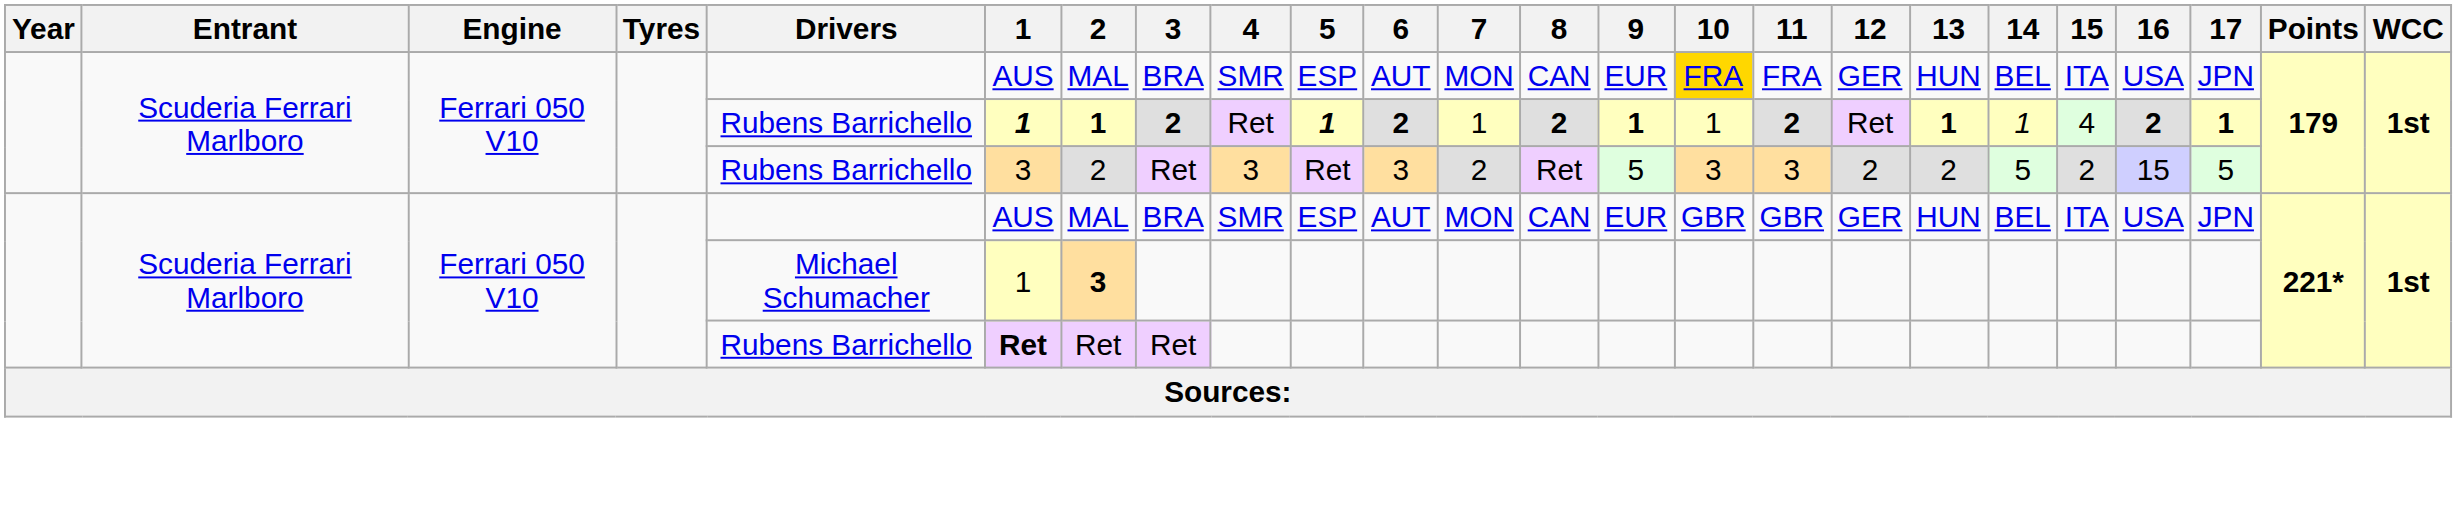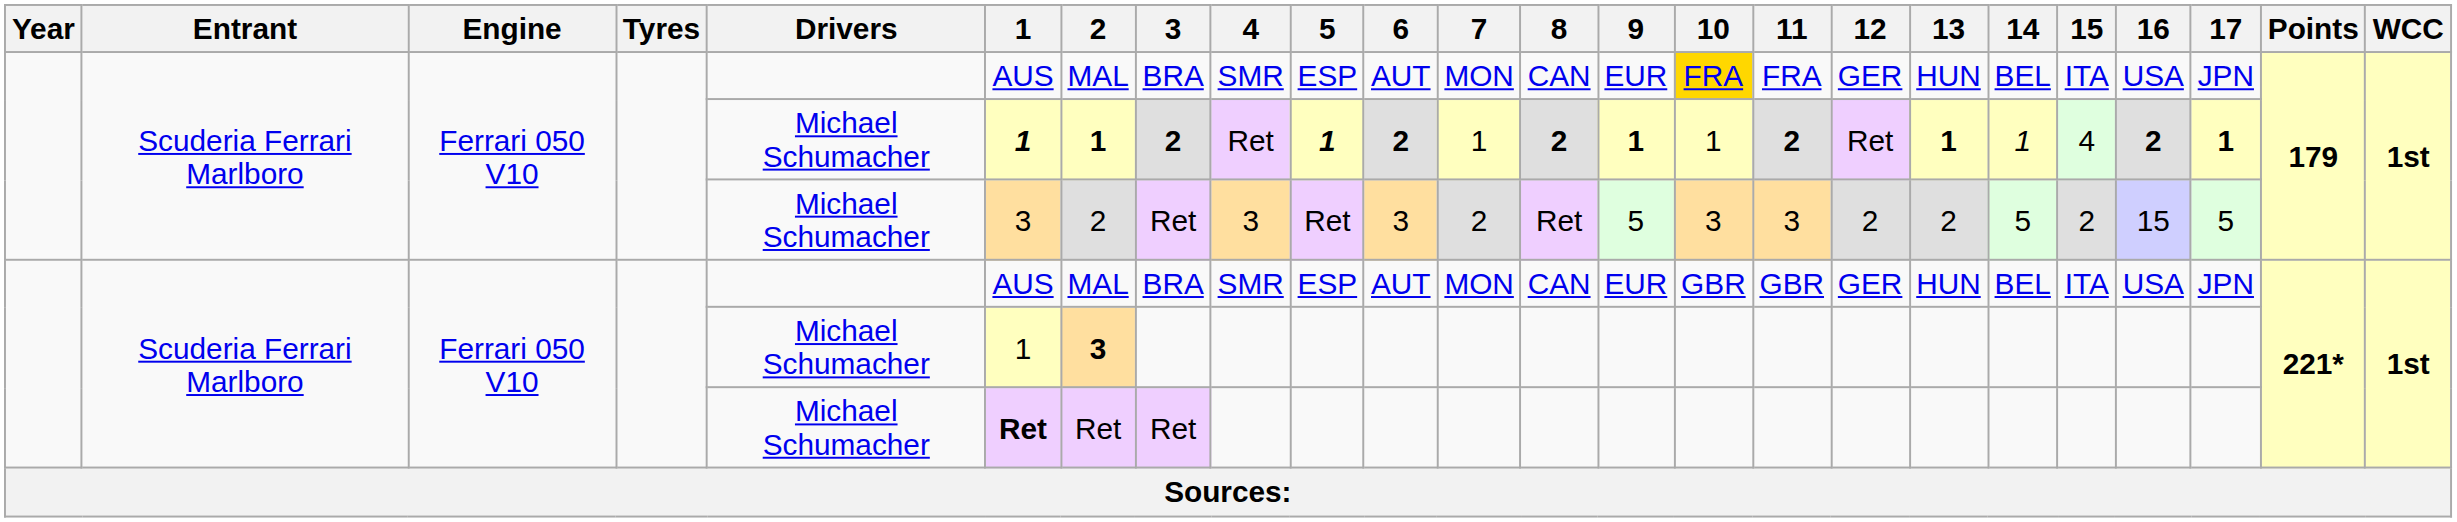 <table class="wikitable" style="text-align:center; font-size:95%">
 <tr>
 <th>Year</th>
 <th>Entrant</th>
 <th>Engine</th>
 <th>Tyres</th>
 <th>Drivers</th>
 <th>1</th>
 <th>2</th>
 <th>3</th>
 <th>4</th>
 <th>5</th>
 <th>6</th>
 <th>7</th>
 <th>8</th>
 <th>9</th>
 <th>10</th>
 <th>11</th>
 <th>12</th>
 <th>13</th>
 <th>14</th>
 <th>15</th>
 <th>16</th>
 <th>17</th>
 <th>Points</th>
 <th>WCC</th>
 </tr>
 <tr>
 <td rowspan="3"></td>
 <td rowspan="3"><a href='#'>Scuderia Ferrari</a> <a href='#'>Marlboro</a></td>
 <td rowspan="3"><a href='#'>Ferrari 050</a> <a href='#'>V10</a></td>
 <td rowspan="3"></td>
 <td></td>
 <td><a href='#'>AUS</a></td>
 <td><a href='#'>MAL</a></td>
 <td><a href='#'>BRA</a></td>
 <td><a href='#'>SMR</a></td>
 <td><a href='#'>ESP</a></td>
 <td><a href='#'>AUT</a></td>
 <td><a href='#'>MON</a></td>
 <td><a href='#'>CAN</a></td>
 <td><a href='#'>EUR</a></td>
 <td style="background: gold;"><a href='#'>FRA</a></td>
 <td><a href='#'>FRA</a></td>
 <td><a href='#'>GER</a></td>
 <td><a href='#'>HUN</a></td>
 <td><a href='#'>BEL</a></td>
 <td><a href='#'>ITA</a></td>
 <td><a href='#'>USA</a></td>
 <td><a href='#'>JPN</a></td>
 <td rowspan="3" style="background:#FFFFBF;"><strong>179</strong></td>
 <td rowspan="3" style="background:#FFFFBF;"><strong>1st</strong></td>
 </tr>
 <tr>
-<td> <a href='#'>Rubens Barrichello</a></td>
+<td> <a href='#'>Michael Schumacher</a></td>
 <td style="background:#FFFFBF;"><strong><em>1</em></strong></td>
 <td style="background:#FFFFBF;"><strong>1</strong></td>
 <td style="background:#DFDFDF;"><strong>2</strong></td>
 <td style="background:#EFCFFF;">Ret</td>
 <td style="background:#FFFFBF;"><strong><em>1</em></strong></td>
 <td style="background:#DFDFDF;"><strong>2</strong></td>
 <td style="background:#FFFFBF;">1</td>
 <td style="background:#DFDFDF;"><strong>2</strong></td>
 <td style="background:#FFFFBF;"><strong>1</strong></td>
 <td style="background:#FFFFBF;">1</td>
 <td style="background:#DFDFDF;"><strong>2</strong></td>
 <td style="background:#EFCFFF;">Ret</td>
 <td style="background:#FFFFBF;"><strong>1</strong></td>
 <td style="background:#FFFFBF;"><em>1</em></td>
 <td style="background:#DFFFDF;">4</td>
 <td style="background:#DFDFDF;"><strong>2</strong></td>
 <td style="background:#FFFFBF;"><strong>1</strong></td>
 </tr>
 <tr>
-<td> <a href='#'>Rubens Barrichello</a></td>
+<td> <a href='#'>Michael Schumacher</a></td>
 <td style="background:#FFDF9F;">3</td>
 <td style="background:#DFDFDF;">2</td>
 <td style="background:#EFCFFF;">Ret</td>
 <td style="background:#FFDF9F;">3</td>
 <td style="background:#EFCFFF;">Ret</td>
 <td style="background:#FFDF9F;">3</td>
 <td style="background:#DFDFDF;">2</td>
 <td style="background:#EFCFFF;">Ret</td>
 <td style="background:#DFFFDF;">5</td>
 <td style="background:#FFDF9F;">3</td>
 <td style="background:#FFdF9F;">3</td>
 <td style="background:#DFDFDF;">2</td>
 <td style="background:#DFDFDF;">2</td>
 <td style="background:#DFFFDF;">5</td>
 <td style="background:#DFDFDF;">2</td>
 <td style="background:#CFCFFF;">15</td>
 <td style="background:#DFFFDF;">5</td>
 </tr>
 <tr>
 <td rowspan="3"></td>
 <td rowspan="3"><a href='#'>Scuderia Ferrari</a> <a href='#'>Marlboro</a></td>
 <td rowspan="3"><a href='#'>Ferrari 050</a> <a href='#'>V10</a></td>
 <td rowspan="3"></td>
 <td></td>
 <td><a href='#'>AUS</a></td>
 <td><a href='#'>MAL</a></td>
 <td><a href='#'>BRA</a></td>
 <td><a href='#'>SMR</a></td>
 <td><a href='#'>ESP</a></td>
 <td><a href='#'>AUT</a></td>
 <td><a href='#'>MON</a></td>
 <td><a href='#'>CAN</a></td>
 <td><a href='#'>EUR</a></td>
 <td><a href='#'>GBR</a></td>
 <td><a href='#'>GBR</a></td>
 <td><a href='#'>GER</a></td>
 <td><a href='#'>HUN</a></td>
 <td><a href='#'>BEL</a></td>
 <td><a href='#'>ITA</a></td>
 <td><a href='#'>USA</a></td>
 <td><a href='#'>JPN</a></td>
 <td rowspan="3" style="background:#FFFFBF;"><strong>221*</strong></td>
 <td rowspan="3" style="background:#FFFFBF;"><strong>1st</strong></td>
 </tr>
 <tr>
 <td> <a href='#'>Michael Schumacher</a></td>
 <td style="background:#FFFFBF;">1</td>
 <td style="background:#FFDF9F;"><strong>3</strong></td>
 <td></td>
 <td></td>
 <td></td>
 <td></td>
 <td></td>
 <td></td>
 <td></td>
 <td></td>
 <td></td>
 <td></td>
 <td></td>
 <td></td>
 <td></td>
 <td></td>
 <td></td>
 </tr>
 <tr>
-<td> <a href='#'>Rubens Barrichello</a></td>
+<td> <a href='#'>Michael Schumacher</a></td>
 <td style="background:#EFCFFF;"><strong>Ret</strong></td>
 <td style="background:#EFCFFF;">Ret</td>
 <td style="background:#EFCFFF;">Ret</td>
 <td></td>
 <td></td>
 <td></td>
 <td></td>
 <td></td>
 <td></td>
 <td></td>
 <td></td>
 <td></td>
 <td></td>
 <td></td>
 <td></td>
 <td></td>
 <td></td>
 </tr>
 <tr>
 <th colspan="24">Sources:</th>
 </tr>
 </table>
